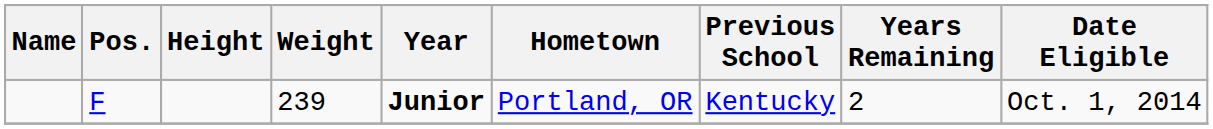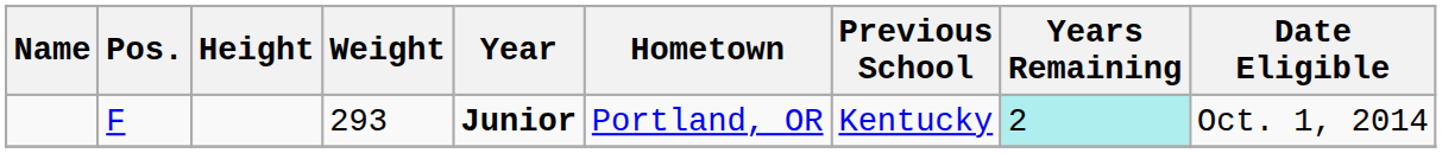 <table class="wikitable sortable" border="1">
 <tr>
 <th>Name</th>
 <th>Pos.</th>
 <th>Height</th>
 <th>Weight</th>
 <th>Year</th>
 <th>Hometown</th>
 <th class="unsortable">Previous<br>School</th>
 <th class="unsortable">Years<br>Remaining</th>
 <th class="unsortable">Date<br>Eligible</th>
 </tr>
 <tr>
 <td></td>
 <td><a href='#'>F</a></td>
 <td></td>
-<td>239</td>
+<td>293</td>
 <td><strong>Junior</strong></td>
 <td><a href='#'>Portland, OR</a></td>
 <td><a href='#'>Kentucky</a></td>
-<td>2</td>
+<td style="background: paleturquoise;">2</td>
 <td>Oct. 1, 2014</td>
 </tr>
 <tr>
 </tr>
 </table>
